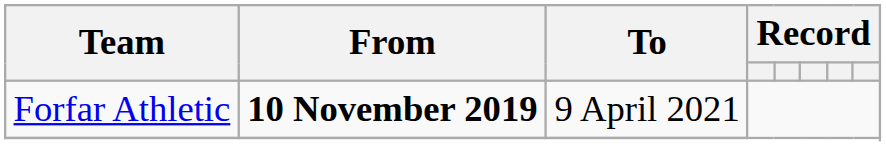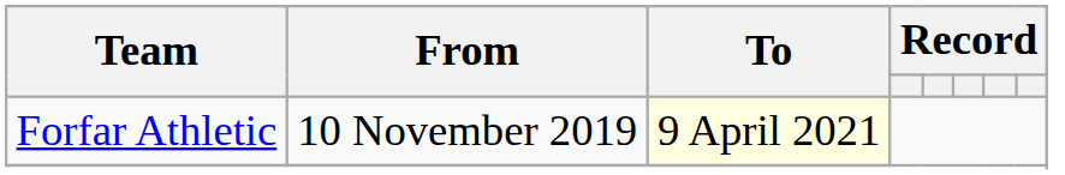 <table class="wikitable" style="text-align: center">
 <tr>
 <th rowspan="2">Team</th>
 <th rowspan="2">From</th>
 <th rowspan="2">To</th>
 <th colspan="8">Record</th>
 </tr>
 <tr>
 <th></th>
 <th></th>
 <th></th>
 <th></th>
 <th></th>
 </tr>
 <tr>
 <td align=left><a href='#'>Forfar Athletic</a></td>
-<td align=left><strong>10 November 2019</strong></td>
-<td align=left>9 April 2021<br></td>
+<td align=left>10 November 2019</td>
+<td align=left style="background: lightyellow;">9 April 2021<br></td>
 </tr>
 <tr>
 </tr>
 </table>
